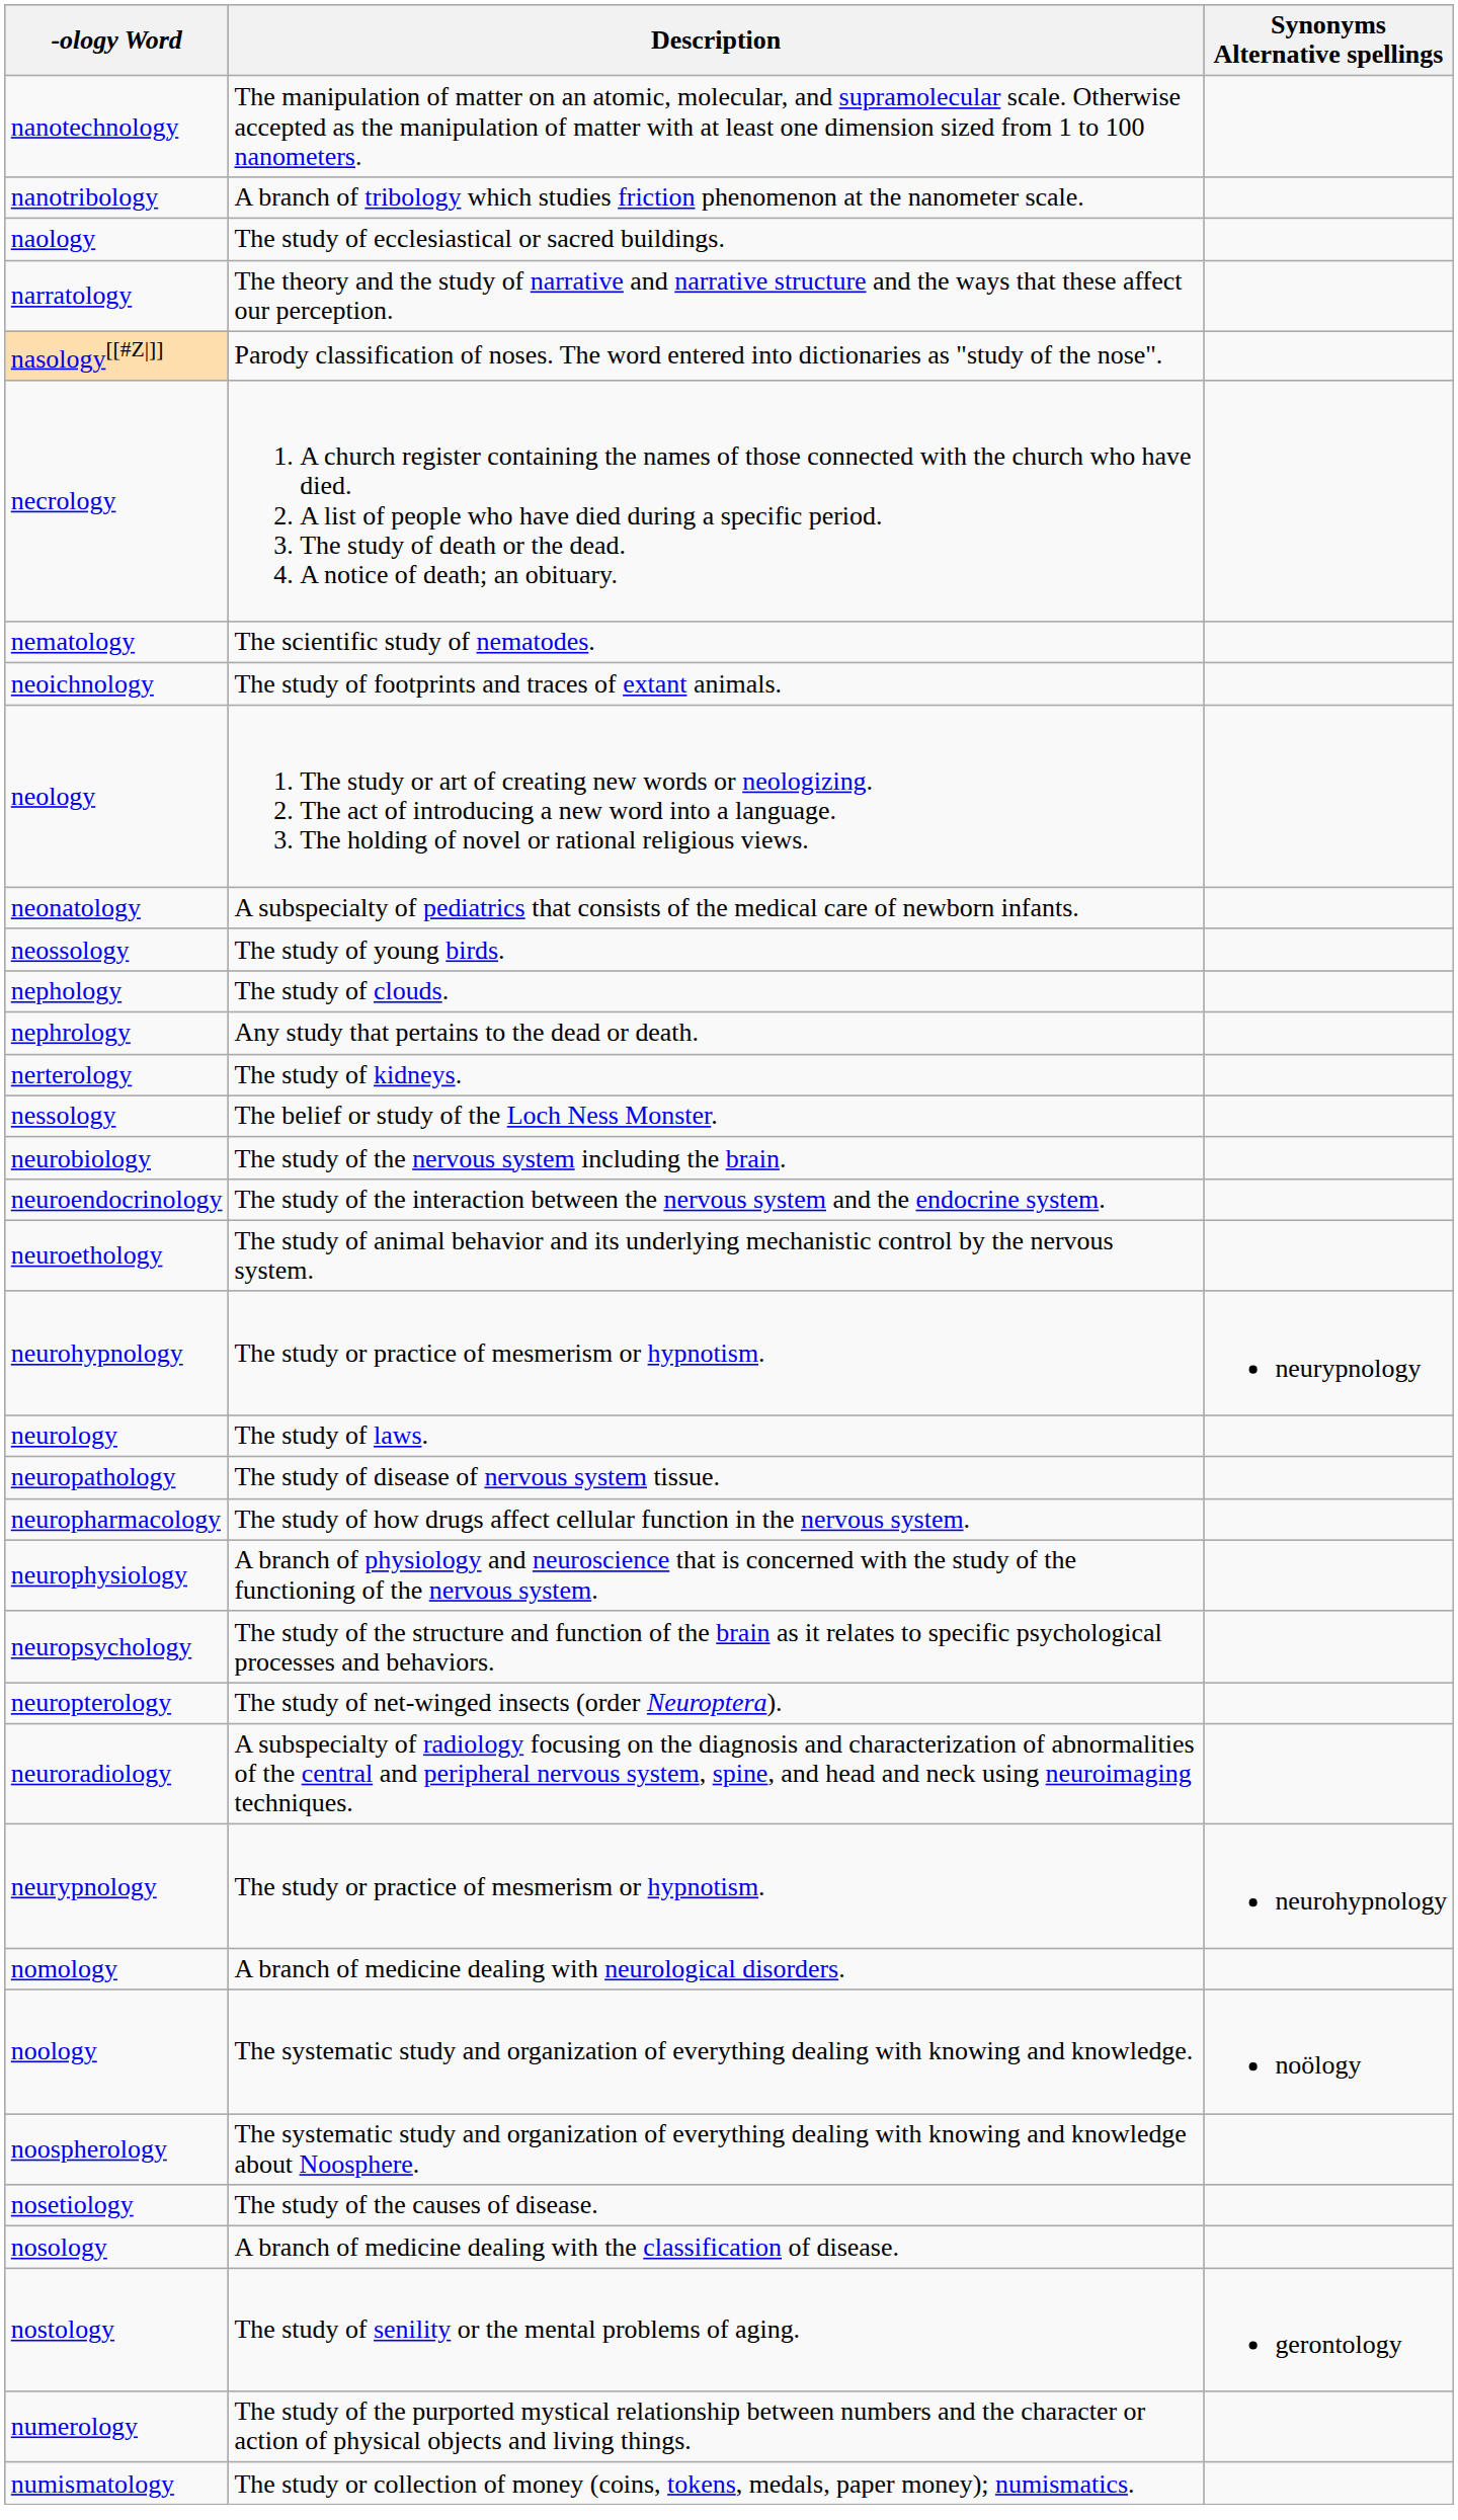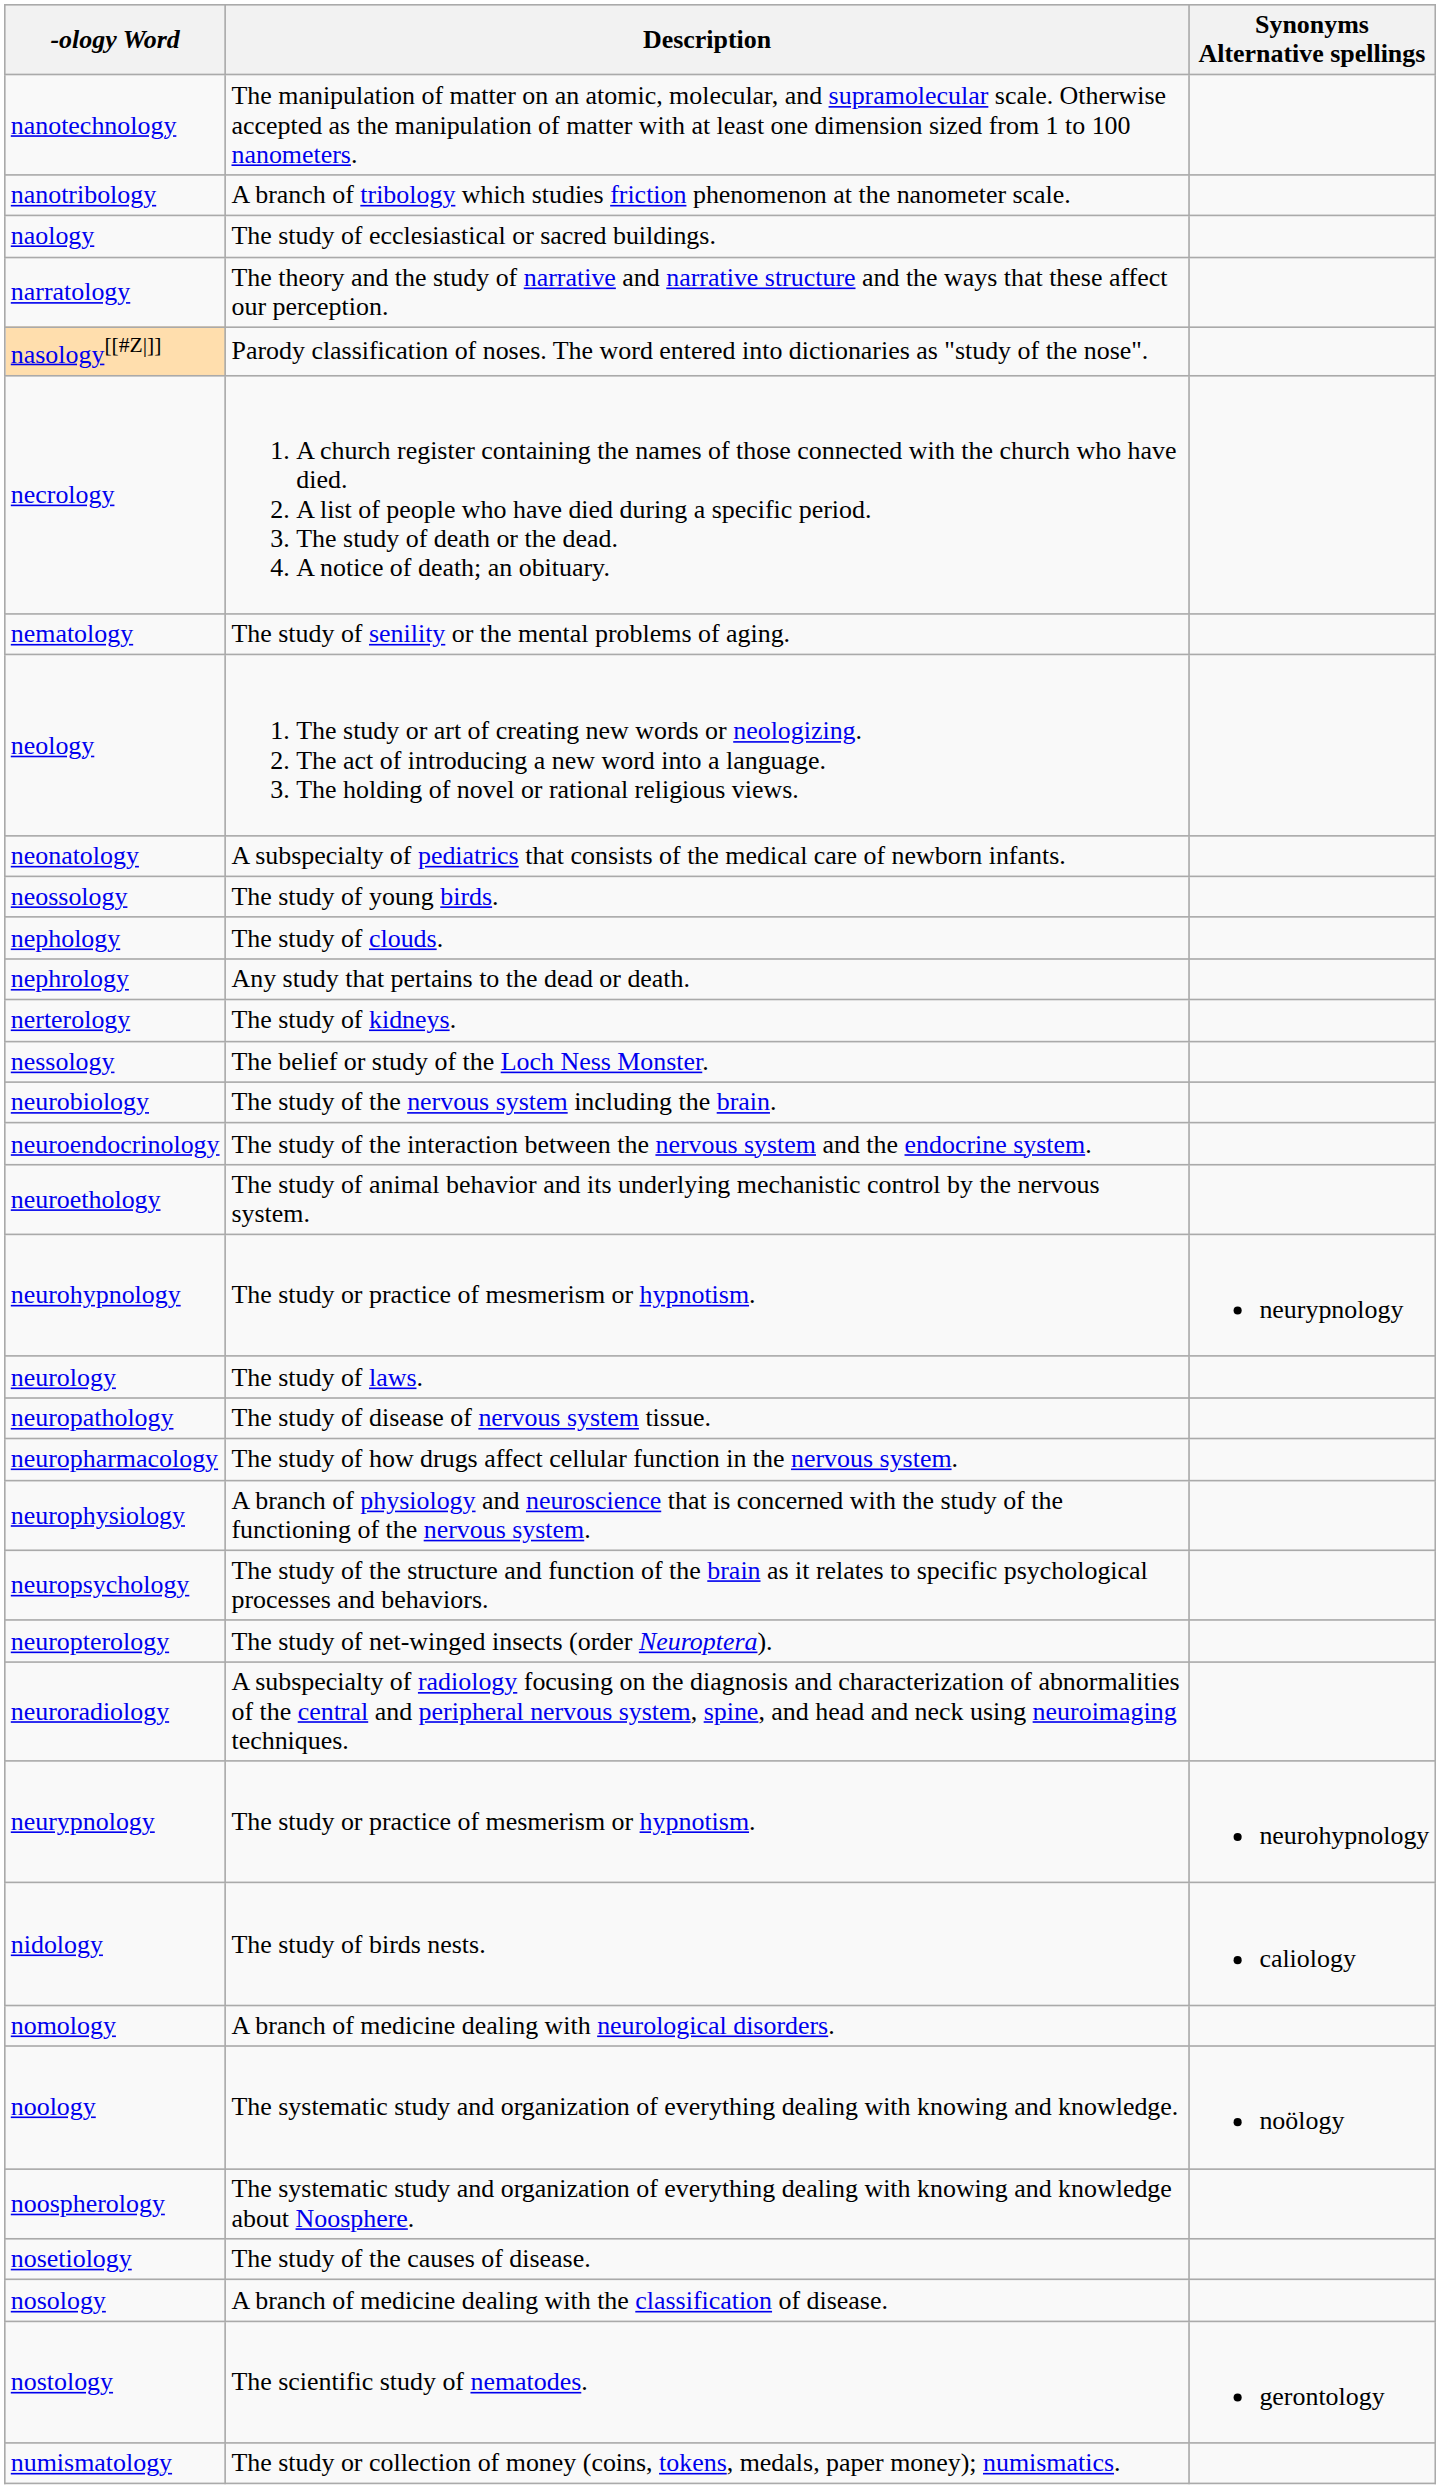 <table class="wikitable" style="width:100%;">
 <tr>
 <th><em>-ology Word</em></th>
 <th>Description</th>
 <th>Synonyms<br>Alternative spellings</th>
 </tr>
 <tr>
 <td><a href='#'>nanotechnology</a></td>
 <td>The manipulation of matter on an atomic, molecular, and <a href='#'>supramolecular</a> scale. Otherwise accepted as the manipulation of matter with at least one dimension sized from 1 to 100 <a href='#'>nanometers</a>.</td>
 <td></td>
 </tr>
 <tr>
 <td><a href='#'>nanotribology</a></td>
 <td>A branch of <a href='#'>tribology</a> which studies <a href='#'>friction</a> phenomenon at the nanometer scale.</td>
 <td></td>
 </tr>
 <tr>
 <td><a href='#'>naology</a></td>
 <td>The study of ecclesiastical or sacred buildings.</td>
 <td></td>
 </tr>
 <tr>
 <td><a href='#'>narratology</a></td>
 <td>The theory and the study of <a href='#'>narrative</a> and <a href='#'>narrative structure</a> and the ways that these affect our perception.</td>
 <td></td>
 </tr>
 <tr>
 <td style="background: #ffdead"><a href='#'>nasology</a><sup>[[#Z|]]</sup></td>
 <td>Parody classification of noses. The word entered into dictionaries as "study of the nose".</td>
 <td></td>
 </tr>
 <tr>
 <td><a href='#'>necrology</a></td>
 <td><br><ol><li>A church register containing the names of those connected with the church who have died.</li><li>A list of people who have died during a specific period.</li><li>The study of death or the dead.</li><li>A notice of death; an obituary.</li></ol></td>
 <td></td>
 </tr>
 <tr>
 <td><a href='#'>nematology</a></td>
-<td>The scientific study of <a href='#'>nematodes</a>.</td>
-<td></td>
-</tr>
-<tr>
-<td><a href='#'>neoichnology</a></td>
-<td>The study of footprints and traces of <a href='#'>extant</a> animals.</td>
+<td>The study of <a href='#'>senility</a> or the mental problems of aging.</td>
 <td></td>
 </tr>
 <tr>
 <td><a href='#'>neology</a></td>
 <td><br><ol><li>The study or art of creating new words or <a href='#'>neologizing</a>.</li><li>The act of introducing a new word into a language.</li><li>The holding of novel or rational religious views.</li></ol></td>
 <td></td>
 </tr>
 <tr>
 <td><a href='#'>neonatology</a></td>
 <td>A subspecialty of <a href='#'>pediatrics</a> that consists of the medical care of newborn infants.</td>
 <td></td>
 </tr>
 <tr>
 <td><a href='#'>neossology</a></td>
 <td>The study of young <a href='#'>birds</a>.</td>
 <td></td>
 </tr>
 <tr>
 <td><a href='#'>nephology</a></td>
 <td>The study of <a href='#'>clouds</a>.</td>
 <td></td>
 </tr>
 <tr>
 <td><a href='#'>nephrology</a></td>
 <td>Any study that pertains to the dead or death.</td>
 <td></td>
 </tr>
 <tr>
 <td><a href='#'>nerterology</a></td>
 <td>The study of <a href='#'>kidneys</a>.</td>
 <td></td>
 </tr>
 <tr>
 <td><a href='#'>nessology</a></td>
 <td>The belief or study of the <a href='#'>Loch Ness Monster</a>.</td>
 <td></td>
 </tr>
 <tr>
 <td><a href='#'>neurobiology</a></td>
 <td>The study of the <a href='#'>nervous system</a> including the <a href='#'>brain</a>.</td>
 <td></td>
 </tr>
 <tr>
 <td><a href='#'>neuroendocrinology</a></td>
 <td>The study of the interaction between the <a href='#'>nervous system</a> and the <a href='#'>endocrine system</a>.</td>
 <td></td>
 </tr>
 <tr>
 <td><a href='#'>neuroethology</a></td>
 <td>The study of animal behavior and its underlying mechanistic control by the nervous system.</td>
 <td></td>
 </tr>
 <tr>
 <td><a href='#'>neurohypnology</a></td>
 <td>The study or practice of mesmerism or <a href='#'>hypnotism</a>.</td>
 <td><br><ul><li>neurypnology</li></ul></td>
 </tr>
 <tr>
 <td><a href='#'>neurology</a></td>
 <td>The study of <a href='#'>laws</a>.</td>
 <td></td>
 </tr>
 <tr>
 <td><a href='#'>neuropathology</a></td>
 <td>The study of disease of <a href='#'>nervous system</a> tissue.</td>
 <td></td>
 </tr>
 <tr>
 <td><a href='#'>neuropharmacology</a></td>
 <td>The study of how drugs affect cellular function in the <a href='#'>nervous system</a>.</td>
 <td></td>
 </tr>
 <tr>
 <td><a href='#'>neurophysiology</a></td>
 <td>A branch of <a href='#'>physiology</a> and <a href='#'>neuroscience</a> that is concerned with the study of the functioning of the <a href='#'>nervous system</a>.</td>
 <td></td>
 </tr>
 <tr>
 <td><a href='#'>neuropsychology</a></td>
 <td>The study of the structure and function of the <a href='#'>brain</a> as it relates to specific psychological processes and behaviors.</td>
 <td></td>
 </tr>
 <tr>
 <td><a href='#'>neuropterology</a></td>
 <td>The study of net-winged insects (order <em><a href='#'>Neuroptera</a></em>).</td>
 <td></td>
 </tr>
 <tr>
 <td><a href='#'>neuroradiology</a></td>
 <td>A subspecialty of <a href='#'>radiology</a> focusing on the diagnosis and characterization of abnormalities of the <a href='#'>central</a> and <a href='#'>peripheral nervous system</a>, <a href='#'>spine</a>, and head and neck using <a href='#'>neuroimaging</a> techniques.</td>
 <td></td>
 </tr>
 <tr>
 <td><a href='#'>neurypnology</a></td>
 <td>The study or practice of mesmerism or <a href='#'>hypnotism</a>.</td>
 <td><br><ul><li>neurohypnology</li></ul></td>
 </tr>
 <tr>
+<td><a href='#'>nidology</a></td>
+<td>The study of birds nests.</td>
+<td><br><ul><li>caliology</li></ul></td>
+</tr>
+<tr>
 <td><a href='#'>nomology</a></td>
 <td>A branch of medicine dealing with <a href='#'>neurological disorders</a>.</td>
 <td></td>
 </tr>
 <tr>
 <td><a href='#'>noology</a></td>
 <td>The systematic study and organization of everything dealing with knowing and knowledge.</td>
 <td><br><ul><li>noölogy</li></ul></td>
 </tr>
 <tr>
 <td><a href='#'>noospherology</a></td>
 <td>The systematic study and organization of everything dealing with knowing and knowledge about <a href='#'>Noosphere</a>.</td>
 <td></td>
 </tr>
 <tr>
 <td><a href='#'>nosetiology</a></td>
 <td>The study of the causes of disease.</td>
 <td></td>
 </tr>
 <tr>
 <td><a href='#'>nosology</a></td>
 <td>A branch of medicine dealing with the <a href='#'>classification</a> of disease.</td>
 <td></td>
 </tr>
 <tr>
 <td><a href='#'>nostology</a></td>
-<td>The study of <a href='#'>senility</a> or the mental problems of aging.</td>
+<td>The scientific study of <a href='#'>nematodes</a>.</td>
 <td><br><ul><li>gerontology</li></ul></td>
-</tr>
-<tr>
-<td><a href='#'>numerology</a></td>
-<td>The study of the purported mystical relationship between numbers and the character or action of physical objects and living things.</td>
-<td></td>
 </tr>
 <tr>
 <td><a href='#'>numismatology</a></td>
 <td>The study or collection of money (coins, <a href='#'>tokens</a>, medals, paper money); <a href='#'>numismatics</a>.</td>
 <td></td>
 </tr>
 </table>
